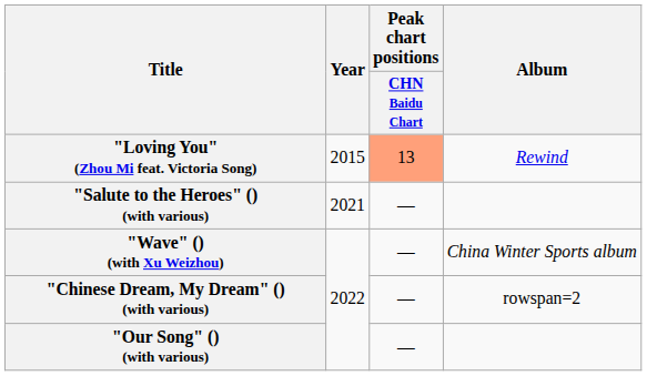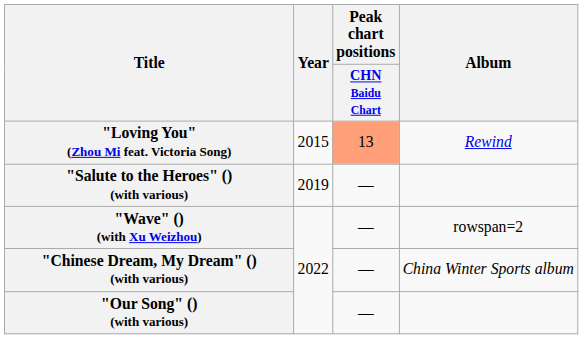 <table class="wikitable plainrowheaders" style="text-align:center;">
 <tr>
 <th scope="col" rowspan="2" style="width:18em;">Title</th>
 <th scope="col" rowspan="2">Year</th>
 <th scope="col" colspan="1">Peak chart positions</th>
 <th scope="col" rowspan="2">Album</th>
 </tr>
 <tr>
 <th scope="col" style="width:3em;font-size:90%;"><a href='#'>CHN<br><small>Baidu Chart</small></a><br></th>
 </tr>
 <tr>
 <th scope="row">"Loving You"<br><small>(<a href='#'>Zhou Mi</a> feat. Victoria Song)</small></th>
 <td>2015</td>
 <td style="background: lightsalmon;">13</td>
 <td><em><a href='#'>Rewind</a></em></td>
 </tr>
 <tr>
 <th scope="row">"Salute to the Heroes"  ()<br><small>(with various)</small></th>
-<td>2021</td>
+<td>2019</td>
 <td>—</td>
 <td></td>
 </tr>
 <tr>
 <th scope="row">"Wave" ()<br><small>(with <a href='#'>Xu Weizhou</a>)</small></th>
 <td rowspan=3>2022</td>
 <td>—</td>
-<td><em>China Winter Sports album</em></td>
+<td>rowspan=2 </td>
 </tr>
 <tr>
 <th scope="row">"Chinese Dream, My Dream" ()<br><small>(with various)</small></th>
 <td>—</td>
-<td>rowspan=2 </td>
+<td><em>China Winter Sports album</em></td>
 </tr>
 <tr>
 <th scope="row">"Our Song" ()<br><small>(with various)</small></th>
 <td>—</td>
 </tr>
 </table>
